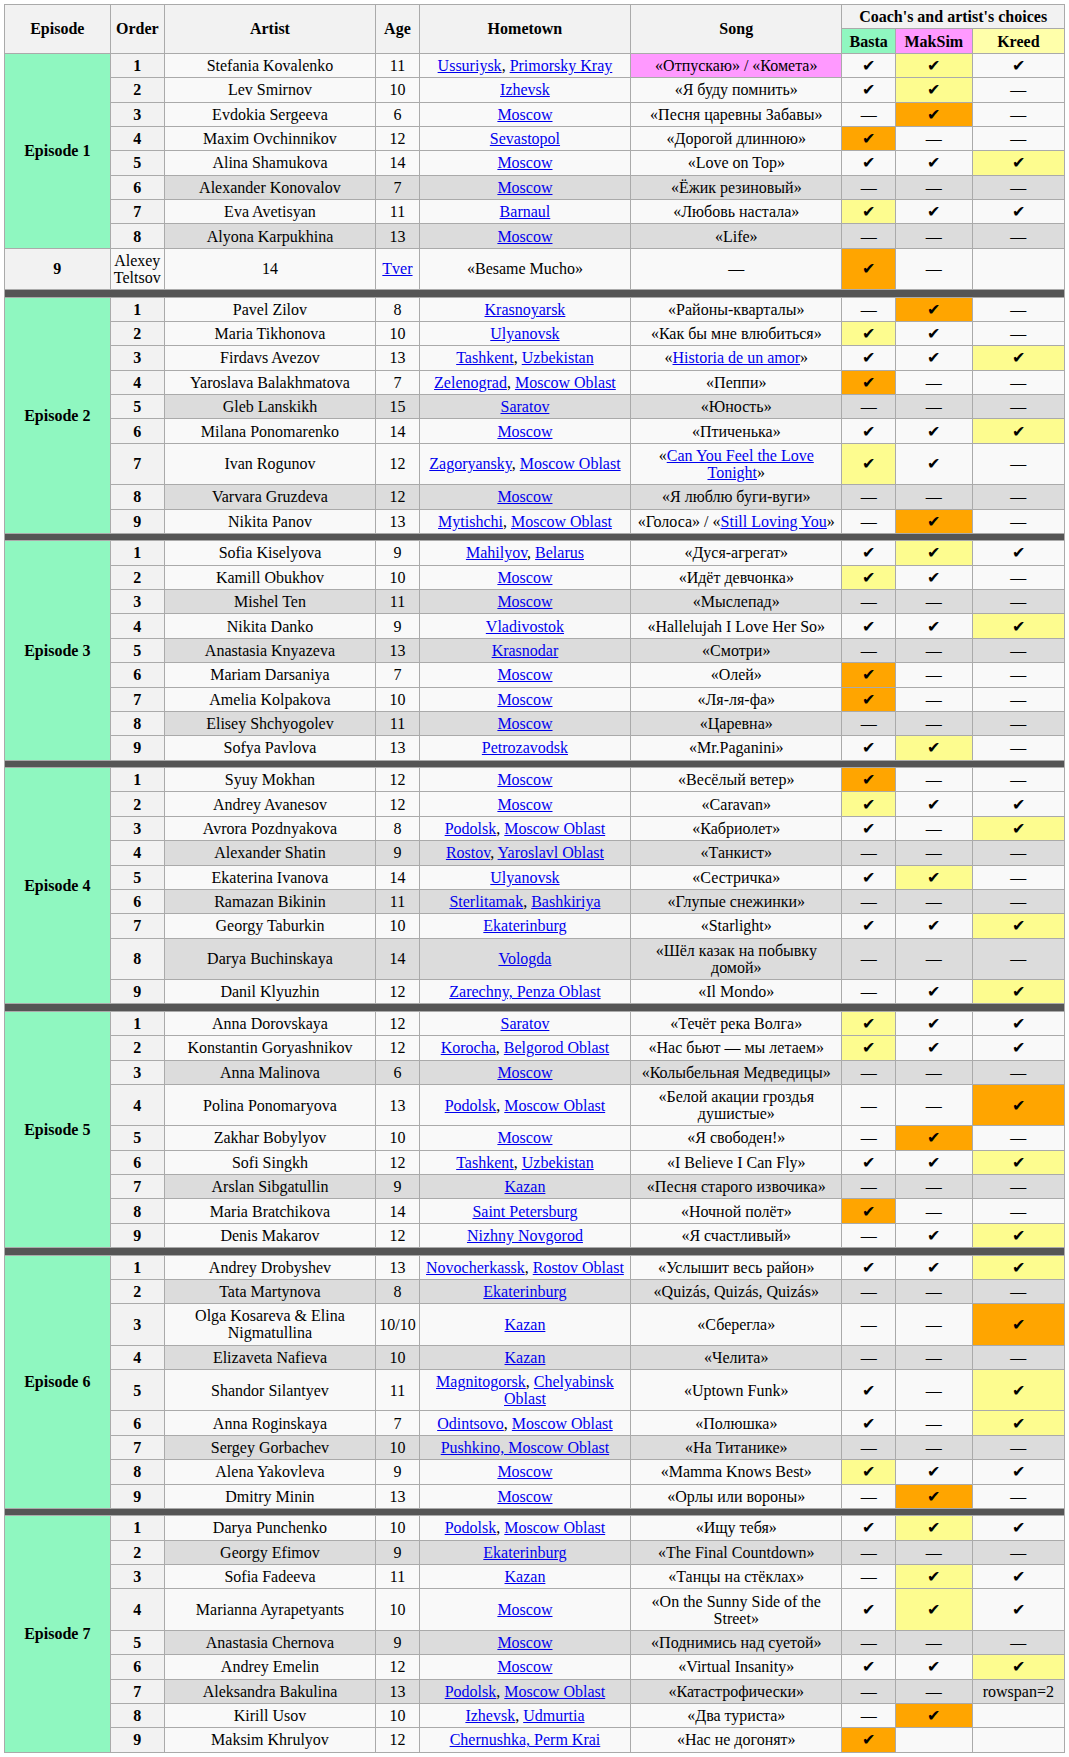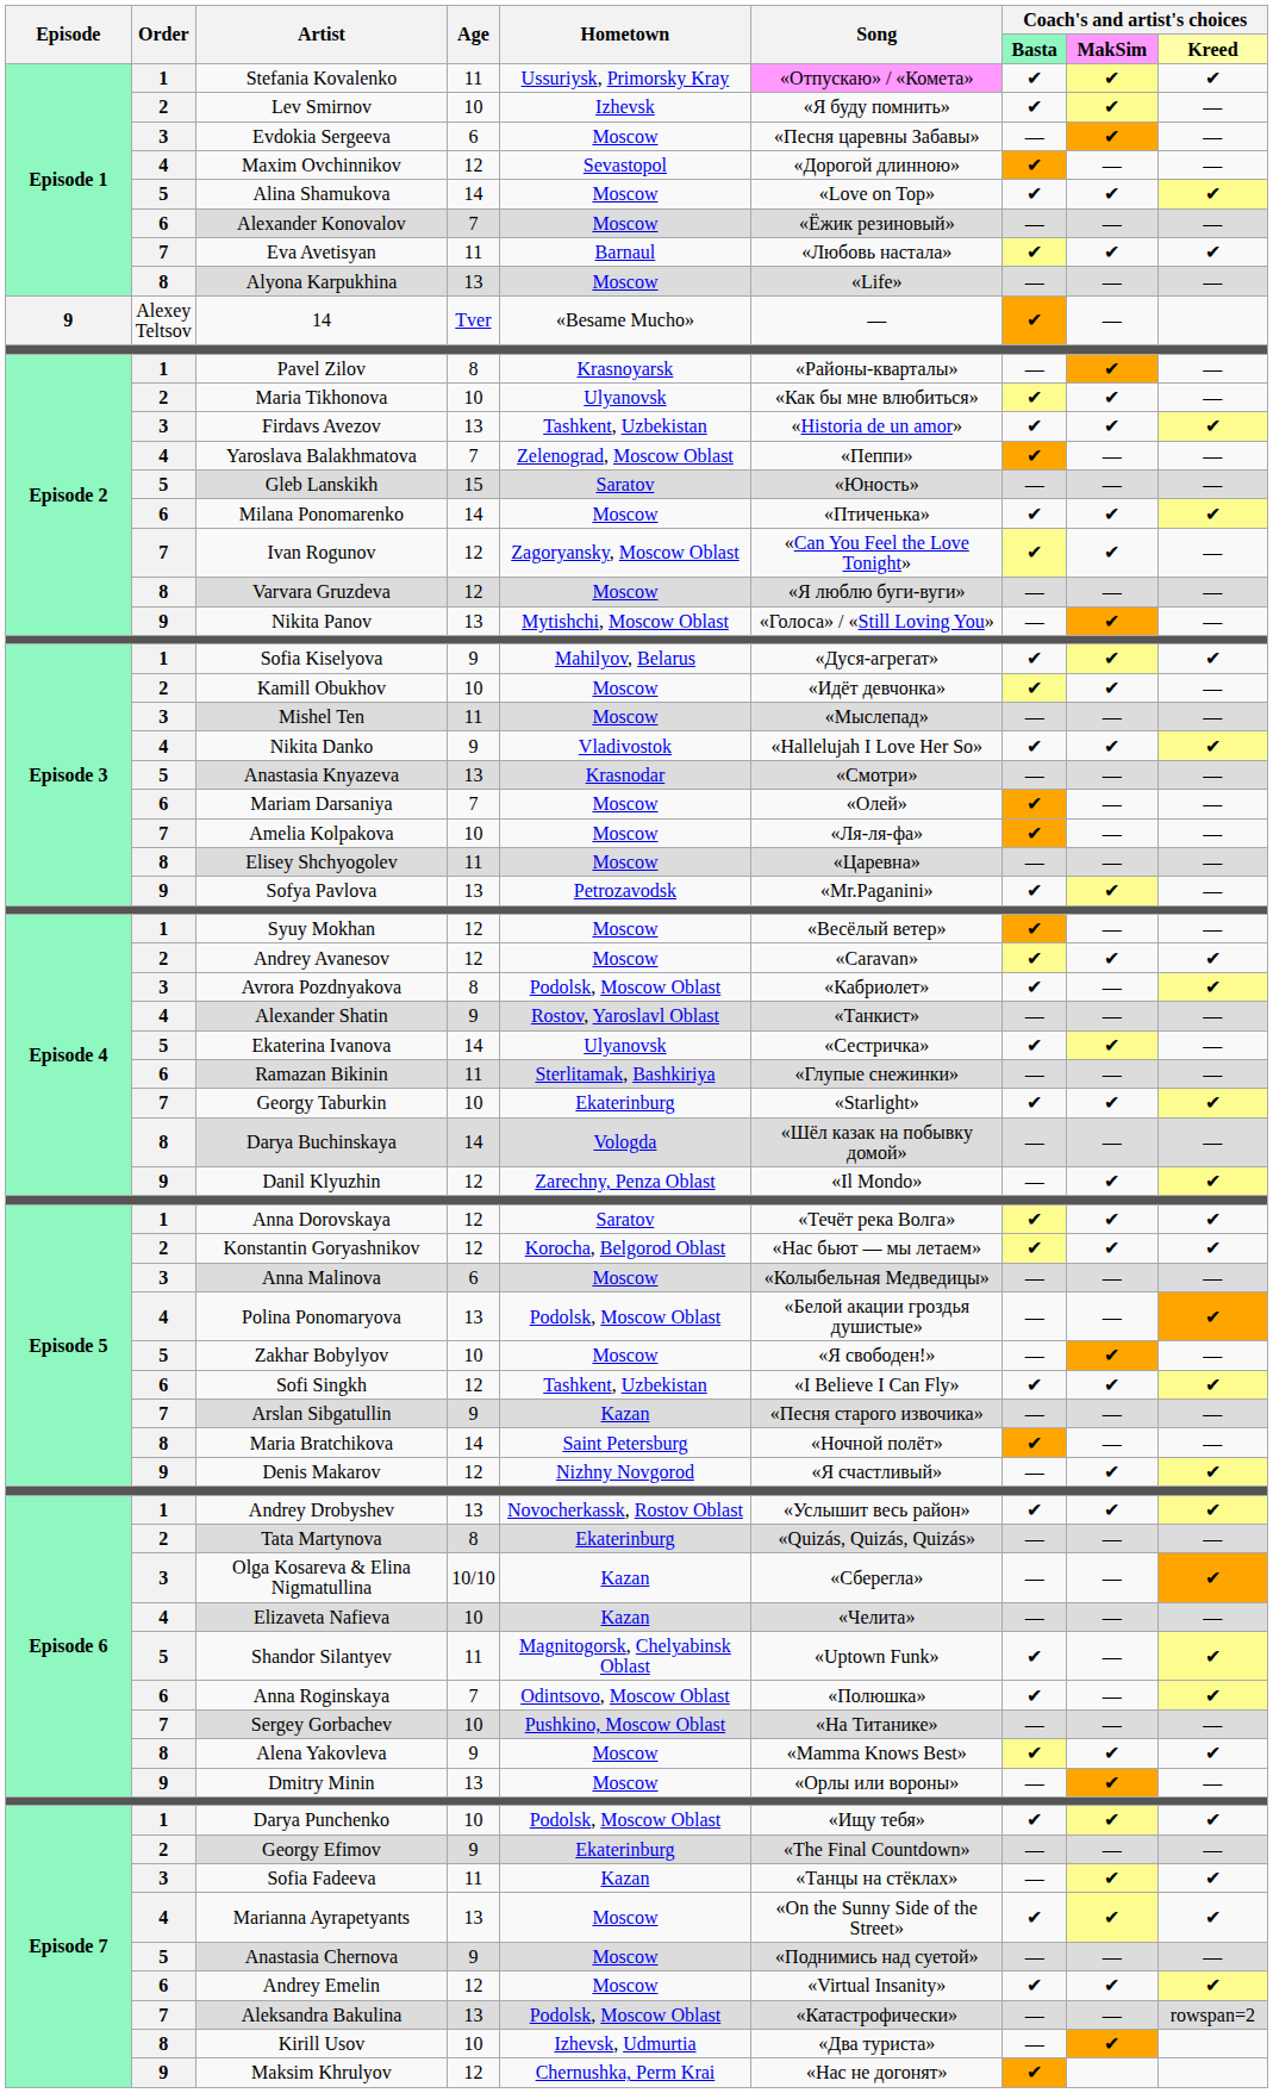 <table class="wikitable" style="text-align:center; line-height:17px; width:120%">
 <tr>
 <th rowspan="2" scope="col" style="width:10%">Episode</th>
 <th rowspan="2" scope="col" style="width:03%">Order</th>
 <th rowspan="2" scope="col" style="width:20%">Artist</th>
 <th rowspan="2" scope="col" style="width:04%">Age</th>
 <th rowspan="2" scope="col" style="width:20%">Hometown</th>
 <th rowspan="2" scope="col" style="width:20%">Song</th>
 <th colspan="3" scope="col" style="width:21%">Coach's and artist's choices</th>
 </tr>
 <tr>
 <th style="background:#8ff7c0;">Basta</th>
 <th style="background:#ff99ff;">MakSim</th>
 <th style="background:#ffffaa;">Kreed</th>
 </tr>
 <tr>
 <td rowspan="9" style="background:#8ff7c0;"><strong>Episode 1</strong> <br></td>
 <th>1</th>
 <td>Stefania Kovalenko</td>
 <td>11</td>
 <td><a href='#'>Ussuriysk</a>, <a href='#'>Primorsky Kray</a></td>
 <td style="background:#ff99ff;">«Отпускаю» / «Комета»</td>
 <td>✔</td>
 <td style="background:#fdfc8f;">✔</td>
 <td>✔</td>
 </tr>
 <tr>
 <th>2</th>
 <td>Lev Smirnov</td>
 <td>10</td>
 <td><a href='#'>Izhevsk</a></td>
 <td>«Я буду помнить»</td>
 <td>✔</td>
 <td style="background:#fdfc8f;">✔</td>
 <td>—</td>
 </tr>
 <tr>
 <th>3</th>
 <td>Evdokia Sergeeva</td>
 <td>6</td>
 <td><a href='#'>Moscow</a></td>
 <td>«Песня царевны Забавы»</td>
 <td>—</td>
 <td style="background:orange;">✔</td>
 <td>—</td>
 </tr>
 <tr>
 <th>4</th>
 <td>Maxim Ovchinnikov</td>
 <td>12</td>
 <td><a href='#'>Sevastopol</a> </td>
 <td>«Дорогой длинною»</td>
 <td style="background:orange;">✔</td>
 <td>—</td>
 <td>—</td>
 </tr>
 <tr>
 <th>5</th>
 <td>Alina Shamukova</td>
 <td>14</td>
 <td><a href='#'>Moscow</a></td>
 <td>«Love on Top»</td>
 <td>✔</td>
 <td>✔</td>
 <td style="background:#fdfc8f;">✔</td>
 </tr>
 <tr style="background:#dcdcdc;">
 <th>6</th>
 <td>Alexander Konovalov</td>
 <td>7</td>
 <td><a href='#'>Moscow</a></td>
 <td>«Ёжик резиновый»</td>
 <td>—</td>
 <td>—</td>
 <td>—</td>
 </tr>
 <tr>
 <th>7</th>
 <td>Eva Avetisyan</td>
 <td>11</td>
 <td><a href='#'>Barnaul</a></td>
 <td>«Любовь настала»</td>
 <td style="background:#fdfc8f;">✔</td>
 <td>✔</td>
 <td>✔</td>
 </tr>
 <tr>
 </tr>
 <tr style="background:#dcdcdc;">
 <th>8</th>
 <td>Alyona Karpukhina</td>
 <td>13</td>
 <td><a href='#'>Moscow</a></td>
 <td>«Life»</td>
 <td>—</td>
 <td>—</td>
 <td>—</td>
 </tr>
 <tr>
 <th>9</th>
 <td>Alexey Teltsov</td>
 <td>14</td>
 <td><a href='#'>Tver</a></td>
 <td>«Besame Mucho»</td>
 <td>—</td>
 <td style="background:orange;">✔</td>
 <td>—</td>
 </tr>
 <tr>
 <td colspan="9" style="background:#555"></td>
 </tr>
 <tr>
 <td rowspan="9" style="background:#8ff7c0;"><strong>Episode 2</strong> <br></td>
 <th>1</th>
 <td>Pavel Zilov</td>
 <td>8</td>
 <td><a href='#'>Krasnoyarsk</a></td>
 <td>«Районы-кварталы»</td>
 <td>—</td>
 <td style="background:orange;">✔</td>
 <td>—</td>
 </tr>
 <tr>
 <th>2</th>
 <td>Maria Tikhonova</td>
 <td>10</td>
 <td><a href='#'>Ulyanovsk</a></td>
 <td>«Как бы мне влюбиться»</td>
 <td style="background:#fdfc8f;">✔</td>
 <td>✔</td>
 <td>―</td>
 </tr>
 <tr>
 <th>3</th>
 <td>Firdavs Avezov</td>
 <td>13</td>
 <td><a href='#'>Tashkent</a>, <a href='#'>Uzbekistan</a> </td>
 <td>«<a href='#'>Historia de un amor</a>»</td>
 <td>✔</td>
 <td>✔</td>
 <td style="background:#fdfc8f;">✔</td>
 </tr>
 <tr>
 <th>4</th>
 <td>Yaroslava Balakhmatova</td>
 <td>7</td>
 <td><a href='#'>Zelenograd</a>, <a href='#'>Moscow Oblast</a></td>
 <td>«Пеппи»</td>
 <td style="background:orange;">✔</td>
 <td>—</td>
 <td>—</td>
 </tr>
 <tr style="background:#dcdcdc;">
 <th>5</th>
 <td>Gleb Lanskikh</td>
 <td>15</td>
 <td><a href='#'>Saratov</a></td>
 <td>«Юность»</td>
 <td>—</td>
 <td>—</td>
 <td>—</td>
 </tr>
 <tr>
 <th>6</th>
 <td>Milana Ponomarenko</td>
 <td>14</td>
 <td><a href='#'>Moscow</a></td>
 <td>«Птиченька»</td>
 <td>✔</td>
 <td>✔</td>
 <td style="background:#fdfc8f;">✔</td>
 </tr>
 <tr>
 <th>7</th>
 <td>Ivan Rogunov</td>
 <td>12</td>
 <td><a href='#'>Zagoryansky</a>, <a href='#'>Moscow Oblast</a></td>
 <td>«<a href='#'>Can You Feel the Love Tonight</a>»</td>
 <td style="background:#fdfc8f;">✔</td>
 <td>✔</td>
 <td>―</td>
 </tr>
 <tr style="background:#dcdcdc;">
 <th>8</th>
 <td>Varvara Gruzdeva</td>
 <td>12</td>
 <td><a href='#'>Moscow</a></td>
 <td>«Я люблю буги-вуги»</td>
 <td>—</td>
 <td>—</td>
 <td>—</td>
 </tr>
 <tr>
 <th>9</th>
 <td>Nikita Panov</td>
 <td>13</td>
 <td><a href='#'>Mytishchi</a>, <a href='#'>Moscow Oblast</a></td>
 <td>«Голоса» / «<a href='#'>Still Loving You</a>»</td>
 <td>—</td>
 <td style="background:orange;">✔</td>
 <td>—</td>
 </tr>
 <tr>
 </tr>
 <tr>
 <td colspan="9" style="background:#555"></td>
 </tr>
 <tr>
 <td rowspan="9" style="background:#8ff7c0;"><strong>Episode 3</strong> <br></td>
 <th>1</th>
 <td>Sofia Kiselyova</td>
 <td>9</td>
 <td><a href='#'>Mahilyov</a>, <a href='#'>Belarus</a> </td>
 <td>«Дуся-агрегат»</td>
 <td>✔</td>
 <td style="background:#fdfc8f;">✔</td>
 <td>✔</td>
 </tr>
 <tr>
 <th>2</th>
 <td>Kamill Obukhov</td>
 <td>10</td>
 <td><a href='#'>Moscow</a></td>
 <td>«Идёт девчонка»</td>
 <td style="background:#fdfc8f;">✔</td>
 <td>✔</td>
 <td>―</td>
 </tr>
 <tr style="background:#dcdcdc;">
 <th>3</th>
 <td>Mishel Ten</td>
 <td>11</td>
 <td><a href='#'>Moscow</a></td>
 <td>«Мыслепад»</td>
 <td>―</td>
 <td>―</td>
 <td>―</td>
 </tr>
 <tr>
 <th>4</th>
 <td>Nikita Danko</td>
 <td>9</td>
 <td><a href='#'>Vladivostok</a></td>
 <td>«Hallelujah I Love Her So»</td>
 <td>✔</td>
 <td>✔</td>
 <td style="background:#fdfc8f;">✔</td>
 </tr>
 <tr style="background:#dcdcdc;">
 <th>5</th>
 <td>Anastasia Knyazeva</td>
 <td>13</td>
 <td><a href='#'>Krasnodar</a></td>
 <td>«Смотри»</td>
 <td>―</td>
 <td>―</td>
 <td>―</td>
 </tr>
 <tr>
 <th>6</th>
 <td>Mariam Darsaniya</td>
 <td>7</td>
 <td><a href='#'>Moscow</a></td>
 <td>«Олей»</td>
 <td style="background:orange;">✔</td>
 <td>―</td>
 <td>―</td>
 </tr>
 <tr>
 <th>7</th>
 <td>Amelia Kolpakova</td>
 <td>10</td>
 <td><a href='#'>Moscow</a></td>
 <td>«Ля-ля-фа»</td>
 <td style="background:orange;">✔</td>
 <td>―</td>
 <td>―</td>
 </tr>
 <tr style="background:#dcdcdc;">
 <th>8</th>
 <td>Elisey Shchyogolev</td>
 <td>11</td>
 <td><a href='#'>Moscow</a></td>
 <td>«Царевна»</td>
 <td>―</td>
 <td>―</td>
 <td>―</td>
 </tr>
 <tr>
 <th>9</th>
 <td>Sofya Pavlova</td>
 <td>13</td>
 <td><a href='#'>Petrozavodsk</a></td>
 <td>«Mr.Paganini»</td>
 <td>✔</td>
 <td style="background:#fdfc8f;">✔</td>
 <td>―</td>
 </tr>
 <tr>
 <td colspan="9" style="background:#555"></td>
 </tr>
 <tr>
 <td rowspan="9" style="background:#8ff7c0;"><strong>Episode 4</strong> <br></td>
 <th>1</th>
 <td>Syuy Mokhan</td>
 <td>12</td>
 <td><a href='#'>Moscow</a></td>
 <td>«Весёлый ветер»</td>
 <td style="background:orange;">✔</td>
 <td>―</td>
 <td>―</td>
 </tr>
 <tr>
 <th>2</th>
 <td>Andrey Avanesov</td>
 <td>12</td>
 <td><a href='#'>Moscow</a></td>
 <td>«Caravan»</td>
 <td style="background:#fdfc8f;">✔</td>
 <td>✔</td>
 <td>✔</td>
 </tr>
 <tr>
 <th>3</th>
 <td>Avrora Pozdnyakova</td>
 <td>8</td>
 <td><a href='#'>Podolsk</a>, <a href='#'>Moscow Oblast</a></td>
 <td>«Кабриолет»</td>
 <td>✔</td>
 <td>―</td>
 <td style="background:#fdfc8f;">✔</td>
 </tr>
 <tr style="background:#dcdcdc;">
 <th>4</th>
 <td>Alexander Shatin</td>
 <td>9</td>
 <td><a href='#'>Rostov</a>, <a href='#'>Yaroslavl Oblast</a></td>
 <td>«Танкист»</td>
 <td>―</td>
 <td>―</td>
 <td>―</td>
 </tr>
 <tr>
 <th>5</th>
 <td>Ekaterina Ivanova</td>
 <td>14</td>
 <td><a href='#'>Ulyanovsk</a></td>
 <td>«Сестричка»</td>
 <td>✔</td>
 <td style="background:#fdfc8f;">✔</td>
 <td>―</td>
 </tr>
 <tr style="background:#dcdcdc;">
 <th>6</th>
 <td>Ramazan Bikinin</td>
 <td>11</td>
 <td><a href='#'>Sterlitamak</a>, <a href='#'>Bashkiriya</a></td>
 <td>«Глупые снежинки»</td>
 <td>―</td>
 <td>―</td>
 <td>―</td>
 </tr>
 <tr>
 <th>7</th>
 <td>Georgy Taburkin</td>
 <td>10</td>
 <td><a href='#'>Ekaterinburg</a></td>
 <td>«Starlight»</td>
 <td>✔</td>
 <td>✔</td>
 <td style="background:#fdfc8f;">✔</td>
 </tr>
 <tr style="background:#dcdcdc;">
 <th>8</th>
 <td>Darya Buchinskaya</td>
 <td>14</td>
 <td><a href='#'>Vologda</a></td>
 <td>«Шёл казак на побывку домой»</td>
 <td>―</td>
 <td>―</td>
 <td>―</td>
 </tr>
 <tr>
 <th>9</th>
 <td>Danil Klyuzhin</td>
 <td>12</td>
 <td><a href='#'>Zarechny, Penza Oblast</a></td>
 <td>«Il Mondo»</td>
 <td>―</td>
 <td>✔</td>
 <td style="background:#fdfc8f;">✔</td>
 </tr>
 <tr>
 <td colspan="9" style="background:#555"></td>
 </tr>
 <tr>
 <td rowspan="9" style="background:#8ff7c0;"><strong>Episode 5</strong> <br></td>
 <th>1</th>
 <td>Anna Dorovskaya</td>
 <td>12</td>
 <td><a href='#'>Saratov</a></td>
 <td>«Течёт река Волга»</td>
 <td style="background:#fdfc8f;">✔</td>
 <td>✔</td>
 <td>✔</td>
 </tr>
 <tr>
 <th>2</th>
 <td>Konstantin Goryashnikov</td>
 <td>12</td>
 <td><a href='#'>Korocha</a>, <a href='#'>Belgorod Oblast</a></td>
 <td>«Нас бьют ― мы летаем»</td>
 <td style="background:#fdfc8f;">✔</td>
 <td>✔</td>
 <td>✔</td>
 </tr>
 <tr style="background:#dcdcdc;">
 <th>3</th>
 <td>Anna Malinova</td>
 <td>6</td>
 <td><a href='#'>Moscow</a></td>
 <td>«Колыбельная Медведицы»</td>
 <td>―</td>
 <td>―</td>
 <td>―</td>
 </tr>
 <tr>
 <th>4</th>
 <td>Polina Ponomaryova</td>
 <td>13</td>
 <td><a href='#'>Podolsk</a>, <a href='#'>Moscow Oblast</a></td>
 <td>«Белой акации гроздья душистые»</td>
 <td>―</td>
 <td>―</td>
 <td style="background:orange;">✔</td>
 </tr>
 <tr>
 <th>5</th>
 <td>Zakhar Bobylyov</td>
 <td>10</td>
 <td><a href='#'>Moscow</a></td>
 <td>«Я свободен!»</td>
 <td>―</td>
 <td style="background:orange;">✔</td>
 <td>―</td>
 </tr>
 <tr>
 <th>6</th>
 <td>Sofi Singkh</td>
 <td>12</td>
 <td><a href='#'>Tashkent</a>, <a href='#'>Uzbekistan</a> </td>
 <td>«I Believe I Can Fly»</td>
 <td>✔</td>
 <td>✔</td>
 <td style="background:#fdfc8f;">✔</td>
 </tr>
 <tr style="background:#dcdcdc;">
 <th>7</th>
 <td>Arslan Sibgatullin</td>
 <td>9</td>
 <td><a href='#'>Kazan</a></td>
 <td>«Песня старого извочика»</td>
 <td>―</td>
 <td>―</td>
 <td>―</td>
 </tr>
 <tr>
 <th>8</th>
 <td>Maria Bratchikova</td>
 <td>14</td>
 <td><a href='#'>Saint Petersburg</a></td>
 <td>«Ночной полёт»</td>
 <td style="background:orange;">✔</td>
 <td>―</td>
 <td>―</td>
 </tr>
 <tr>
 <th>9</th>
 <td>Denis Makarov</td>
 <td>12</td>
 <td><a href='#'>Nizhny Novgorod</a></td>
 <td>«Я счастливый»</td>
 <td>―</td>
 <td>✔</td>
 <td style="background:#fdfc8f;">✔</td>
 </tr>
 <tr>
 <td colspan="9" style="background:#555"></td>
 </tr>
 <tr>
 <td rowspan=10 style="background:#8ff7c0;"><strong>Episode 6</strong> <br></td>
 </tr>
 <tr>
 <th>1</th>
 <td>Andrey Drobyshev</td>
 <td>13</td>
 <td><a href='#'>Novocherkassk</a>, <a href='#'>Rostov Oblast</a></td>
 <td>«Услышит весь район»</td>
 <td>✔</td>
 <td>✔</td>
 <td style="background:#fdfc8f;">✔</td>
 </tr>
 <tr style="background:#dcdcdc;">
 <th>2</th>
 <td>Tata Martynova</td>
 <td>8</td>
 <td><a href='#'>Ekaterinburg</a></td>
 <td>«Quizás, Quizás, Quizás»</td>
 <td>―</td>
 <td>―</td>
 <td>―</td>
 </tr>
 <tr>
 <th>3</th>
 <td>Olga Kosareva & Elina Nigmatullina</td>
 <td>10/10</td>
 <td><a href='#'>Kazan</a></td>
 <td>«Сберегла»</td>
 <td>―</td>
 <td>―</td>
 <td style="background:orange;">✔</td>
 </tr>
 <tr style="background:#dcdcdc;">
 <th>4</th>
 <td>Elizaveta Nafieva</td>
 <td>10</td>
 <td><a href='#'>Kazan</a></td>
 <td>«Челита»</td>
 <td>―</td>
 <td>―</td>
 <td>―</td>
 </tr>
 <tr>
 <th>5</th>
 <td>Shandor Silantyev</td>
 <td>11</td>
 <td><a href='#'>Magnitogorsk</a>, <a href='#'>Chelyabinsk Oblast</a></td>
 <td>«Uptown Funk»</td>
 <td>✔</td>
 <td>—</td>
 <td style="background:#fdfc8f;">✔</td>
 </tr>
 <tr>
 <th>6</th>
 <td>Anna Roginskaya</td>
 <td>7</td>
 <td><a href='#'>Odintsovo</a>, <a href='#'>Moscow Oblast</a></td>
 <td>«Полюшка»</td>
 <td>✔</td>
 <td>—</td>
 <td style="background:#fdfc8f;">✔</td>
 </tr>
 <tr style="background:#dcdcdc;">
 <th>7</th>
 <td>Sergey Gorbachev</td>
 <td>10</td>
 <td><a href='#'>Pushkino, Moscow Oblast</a></td>
 <td>«На Титанике»</td>
 <td>―</td>
 <td>―</td>
 <td>―</td>
 </tr>
 <tr>
 <th>8</th>
 <td>Alena Yakovleva</td>
 <td>9</td>
 <td><a href='#'>Moscow</a></td>
 <td>«Mamma Knows Best»</td>
 <td style="background:#fdfc8f;">✔</td>
 <td>✔</td>
 <td>✔</td>
 </tr>
 <tr>
 <th>9</th>
 <td>Dmitry Minin</td>
 <td>13</td>
 <td><a href='#'>Moscow</a></td>
 <td>«Орлы или вороны»</td>
 <td>―</td>
 <td style="background:orange;">✔</td>
 <td>―</td>
 </tr>
 <tr>
 </tr>
 <tr>
 <td colspan="9" style="background:#555"></td>
 </tr>
 <tr>
 <td rowspan=10 style="background:#8ff7c0;"><strong>Episode 7</strong> <br></td>
 </tr>
 <tr>
 <th>1</th>
 <td>Darya Punchenko</td>
 <td>10</td>
 <td><a href='#'>Podolsk</a>, <a href='#'>Moscow Oblast</a></td>
 <td>«Ищу тебя»</td>
 <td>✔</td>
 <td style="background:#fdfc8f;">✔</td>
 <td>✔</td>
 </tr>
 <tr style="background:#dcdcdc;">
 <th>2</th>
 <td>Georgy Efimov</td>
 <td>9</td>
 <td><a href='#'>Ekaterinburg</a></td>
 <td>«The Final Countdown»</td>
 <td>―</td>
 <td>―</td>
 <td>―</td>
 </tr>
 <tr>
 <th>3</th>
 <td>Sofia Fadeeva</td>
 <td>11</td>
 <td><a href='#'>Kazan</a></td>
 <td>«Танцы на стёклах»</td>
 <td>—</td>
 <td style="background:#fdfc8f;">✔</td>
 <td>✔</td>
 </tr>
 <tr>
 <th>4</th>
 <td>Marianna Ayrapetyants</td>
-<td>10</td>
+<td>13</td>
 <td><a href='#'>Moscow</a></td>
 <td>«On the Sunny Side of the Street»</td>
 <td>✔</td>
 <td style="background:#fdfc8f;">✔</td>
 <td>✔</td>
 </tr>
 <tr style="background:#dcdcdc;">
 <th>5</th>
 <td>Anastasia Chernova</td>
 <td>9</td>
 <td><a href='#'>Moscow</a></td>
 <td>«Поднимись над суетой»</td>
 <td>―</td>
 <td>―</td>
 <td>―</td>
 </tr>
 <tr>
 <th>6</th>
 <td>Andrey Emelin</td>
 <td>12</td>
 <td><a href='#'>Moscow</a></td>
 <td>«Virtual Insanity»</td>
 <td>✔</td>
 <td>✔</td>
 <td style="background:#fdfc8f;">✔</td>
 </tr>
 <tr style="background:#dcdcdc;">
 <th>7</th>
 <td>Aleksandra Bakulina</td>
 <td>13</td>
 <td><a href='#'>Podolsk</a>, <a href='#'>Moscow Oblast</a></td>
 <td>«Катастрофически»</td>
 <td>―</td>
 <td>―</td>
 <td>rowspan=2 </td>
 </tr>
 <tr>
 <th>8</th>
 <td>Kirill Usov</td>
 <td>10</td>
 <td><a href='#'>Izhevsk</a>, <a href='#'>Udmurtia</a></td>
 <td>«Два туриста»</td>
 <td>—</td>
 <td style="background:orange;">✔</td>
 </tr>
 <tr>
 <th>9</th>
 <td>Maksim Khrulyov</td>
 <td>12</td>
 <td><a href='#'>Chernushka, Perm Krai</a></td>
 <td>«Нас не догонят»</td>
 <td style="background:orange;">✔</td>
 <td><strong></strong></td>
 <td><strong></strong></td>
 </tr>
 </table>
